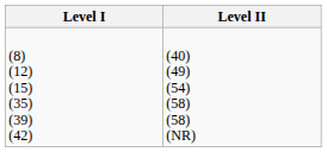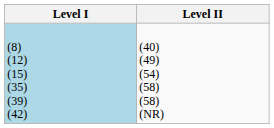 <table class="wikitable" width="40%">
 <tr>
 <th width="50%">Level I</th>
 <th width="50%">Level II</th>
 </tr>
 <tr>
-<td><br> (8)<br>  (12)<br>  (15)<br>  (35)<br>  (39)<br>  (42)<br></td>
+<td style="background: lightblue;"><br> (8)<br>  (12)<br>  (15)<br>  (35)<br>  (39)<br>  (42)<br></td>
 <td><br> (40)<br>  (49)<br>  (54)<br>  (58)<br>  (58)<br>  (NR)<br></td>
 </tr>
 </table>
